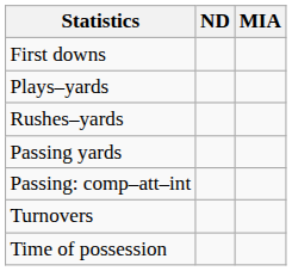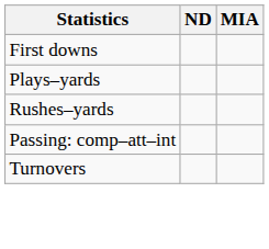 <table class="wikitable" style="float:left">
 <tr>
 <th>Statistics</th>
 <th>ND</th>
 <th>MIA</th>
 </tr>
 <tr>
 <td>First downs</td>
 <td></td>
 <td></td>
 </tr>
 <tr>
 <td>Plays–yards</td>
 <td></td>
 <td></td>
 </tr>
 <tr>
 <td>Rushes–yards</td>
 <td></td>
 <td></td>
 </tr>
 <tr>
-<td>Passing yards</td>
-<td></td>
-<td></td>
-</tr>
-<tr>
 <td>Passing: comp–att–int</td>
 <td></td>
 <td></td>
 </tr>
 <tr>
 <td>Turnovers</td>
 <td></td>
 <td></td>
 </tr>
-<tr>
-<td>Time of possession</td>
-<td></td>
-<td></td>
-</tr>
 </table>
